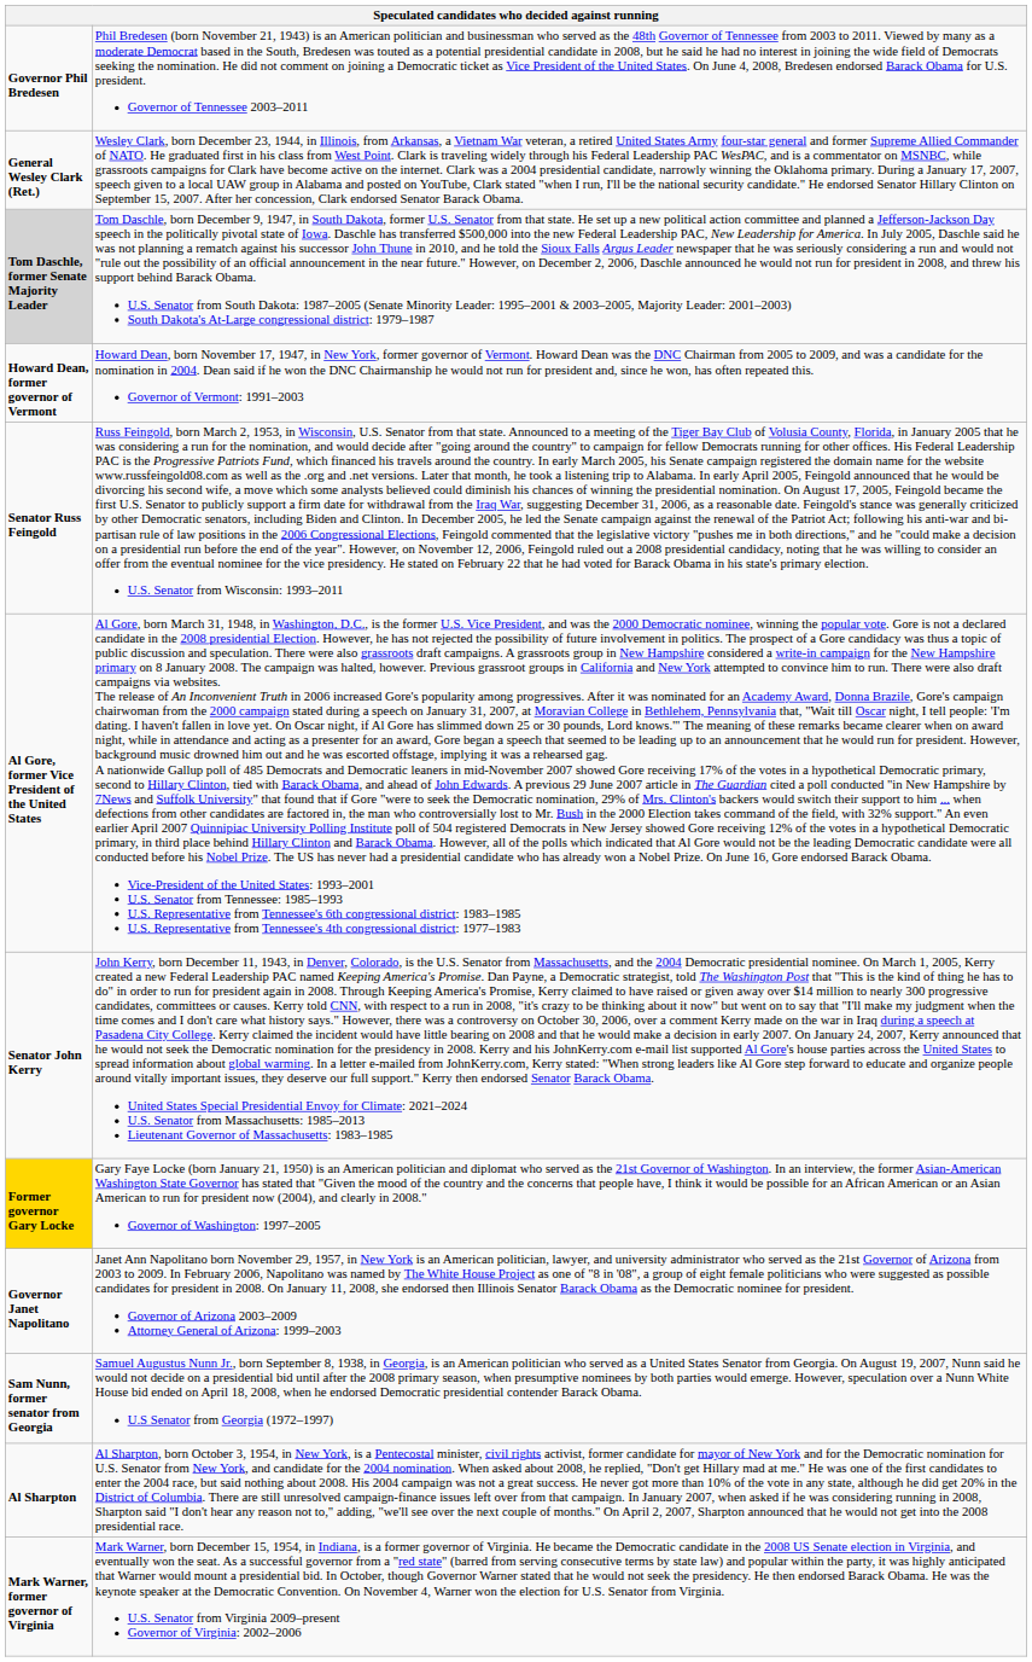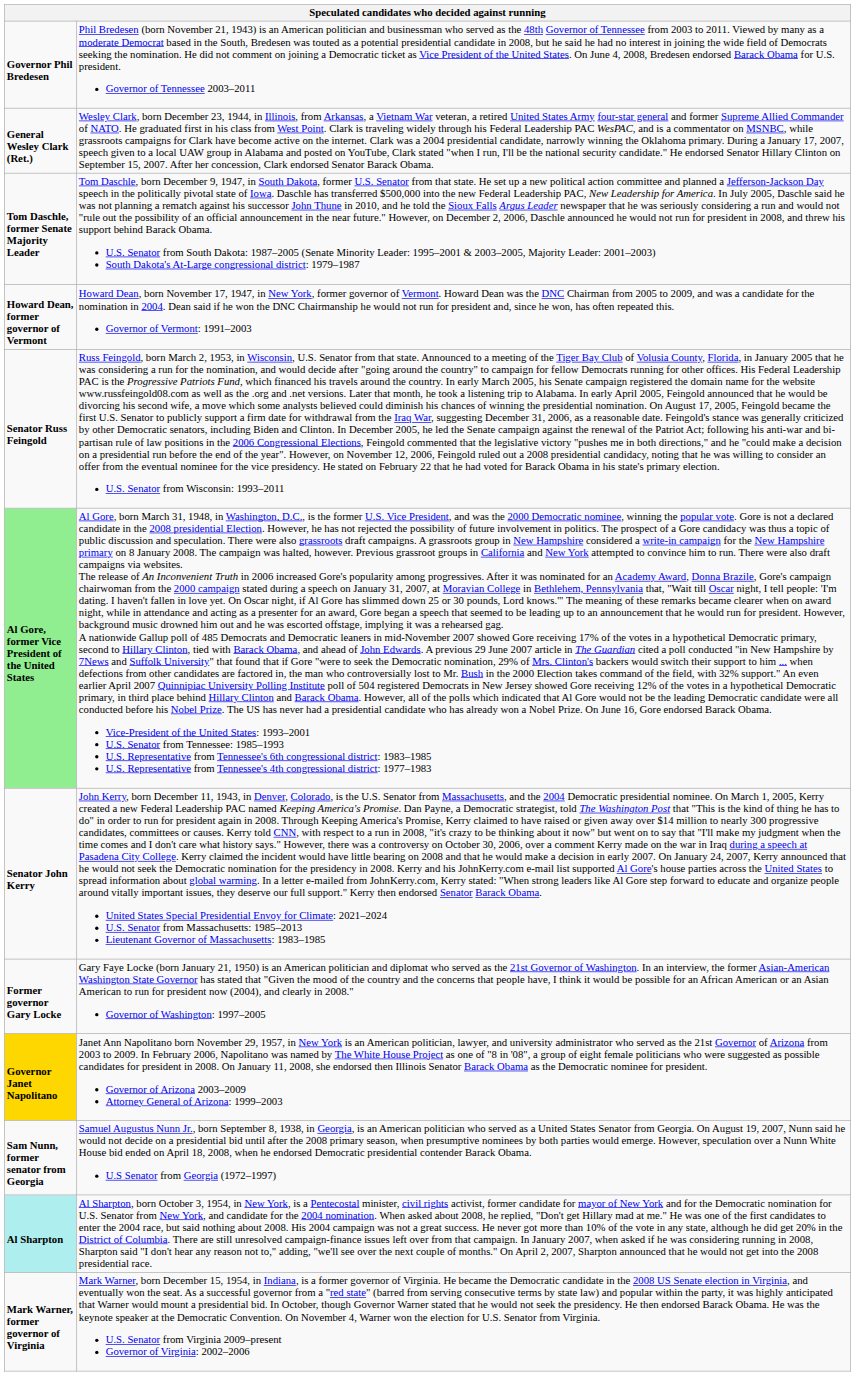 <table class="wikitable" style="margin:auto; width:100%;">
 <tr>
 <th colspan=2>Speculated candidates who decided against running</th>
 </tr>
 <tr>
 <td><br><strong>Governor Phil Bredesen</strong></td>
 <td><a href='#'>Phil Bredesen</a> (born November 21, 1943) is an American politician and businessman who served as the <a href='#'>48th</a> <a href='#'>Governor of Tennessee</a> from 2003 to 2011. Viewed by many as a <a href='#'>moderate Democrat</a> based in the South, Bredesen was touted as a potential presidential candidate in 2008, but he said he had no interest in joining the wide field of Democrats seeking the nomination. He did not comment on joining a Democratic ticket as <a href='#'>Vice President of the United States</a>. On June 4, 2008, Bredesen endorsed <a href='#'>Barack Obama</a> for U.S. president.<br><ul><li><a href='#'>Governor of Tennessee</a> 2003–2011</li></ul></td>
 </tr>
 <tr>
 <td><br><strong>General Wesley Clark (Ret.)</strong></td>
 <td><a href='#'>Wesley Clark</a>, born December 23, 1944, in <a href='#'>Illinois</a>, from <a href='#'>Arkansas</a>, a <a href='#'>Vietnam War</a> veteran, a retired <a href='#'>United States Army</a> <a href='#'>four-star general</a> and former <a href='#'>Supreme Allied Commander</a> of <a href='#'>NATO</a>. He graduated first in his class from <a href='#'>West Point</a>. Clark is traveling widely through his Federal Leadership PAC <em>WesPAC</em>, and is a commentator on <a href='#'>MSNBC</a>, while grassroots campaigns for Clark have become active on the internet. Clark was a 2004 presidential candidate, narrowly winning the Oklahoma primary. During a January 17, 2007, speech given to a local UAW group in Alabama and posted on YouTube, Clark stated "when I run, I'll be the national security candidate." He endorsed Senator Hillary Clinton on September 15, 2007. After her concession, Clark endorsed Senator Barack Obama.</td>
 </tr>
 <tr>
-<td style="background: lightgrey;"><br><strong>Tom Daschle, former Senate Majority Leader</strong></td>
+<td><br><strong>Tom Daschle, former Senate Majority Leader</strong></td>
 <td><a href='#'>Tom Daschle</a>, born December 9, 1947, in <a href='#'>South Dakota</a>, former <a href='#'>U.S. Senator</a> from that state. He set up a new political action committee and planned a <a href='#'>Jefferson-Jackson Day</a> speech in the politically pivotal state of <a href='#'>Iowa</a>. Daschle has transferred $500,000 into the new Federal Leadership PAC, <em>New Leadership for America</em>. In July 2005, Daschle said he was not planning a rematch against his successor <a href='#'>John Thune</a> in 2010, and he told the <a href='#'>Sioux Falls</a> <em><a href='#'>Argus Leader</a></em> newspaper that he was seriously considering a run and would not "rule out the possibility of an official announcement in the near future." However, on December 2, 2006, Daschle announced he would not run for president in 2008, and threw his support behind Barack Obama.<br><ul><li><a href='#'>U.S. Senator</a> from South Dakota: 1987–2005 (Senate Minority Leader: 1995–2001 & 2003–2005, Majority Leader: 2001–2003)</li><li><a href='#'>South Dakota's At-Large congressional district</a>: 1979–1987</li></ul></td>
 </tr>
 <tr>
 <td><br><strong>Howard Dean, former governor of Vermont</strong></td>
 <td><a href='#'>Howard Dean</a>, born November 17, 1947, in <a href='#'>New York</a>, former governor of <a href='#'>Vermont</a>. Howard Dean was the <a href='#'>DNC</a> Chairman from 2005 to 2009, and was a candidate for the nomination in <a href='#'>2004</a>. Dean said if he won the DNC Chairmanship he would not run for president and, since he won, has often repeated this.<br><ul><li><a href='#'>Governor of Vermont</a>: 1991–2003</li></ul></td>
 </tr>
 <tr>
 <td><br><strong>Senator Russ Feingold</strong></td>
 <td><a href='#'>Russ Feingold</a>, born March 2, 1953, in <a href='#'>Wisconsin</a>, U.S. Senator from that state. Announced to a meeting of the <a href='#'>Tiger Bay Club</a> of <a href='#'>Volusia County</a>, <a href='#'>Florida</a>, in January 2005 that he was considering a run for the nomination, and would decide after "going around the country" to campaign for fellow Democrats running for other offices. His Federal Leadership PAC is the <em>Progressive Patriots Fund</em>, which financed his travels around the country. In early March 2005, his Senate campaign registered the domain name for the website www.russfeingold08.com as well as the .org and .net versions. Later that month, he took a listening trip to Alabama. In early April 2005, Feingold announced that he would be divorcing his second wife, a move which some analysts believed could diminish his chances of winning the presidential nomination. On August 17, 2005, Feingold became the first U.S. Senator to publicly support a firm date for withdrawal from the <a href='#'>Iraq War</a>, suggesting December 31, 2006, as a reasonable date. Feingold's stance was generally criticized by other Democratic senators, including Biden and Clinton. In December 2005, he led the Senate campaign against the renewal of the Patriot Act; following his anti-war and bi-partisan rule of law positions in the <a href='#'>2006 Congressional Elections</a>, Feingold commented that the legislative victory "pushes me in both directions," and he "could make a decision on a presidential run before the end of the year". However, on November 12, 2006, Feingold ruled out a 2008 presidential candidacy, noting that he was willing to consider an offer from the eventual nominee for the vice presidency. He stated on February 22 that he had voted for Barack Obama in his state's primary election.<br><ul><li><a href='#'>U.S. Senator</a> from Wisconsin: 1993–2011</li></ul></td>
 </tr>
 <tr>
-<td><br><strong>Al Gore, former Vice President of the United States</strong></td>
+<td style="background: lightgreen;"><br><strong>Al Gore, former Vice President of the United States</strong></td>
 <td><a href='#'>Al Gore</a>, born March 31, 1948, in <a href='#'>Washington, D.C.</a>, is the former <a href='#'>U.S. Vice President</a>, and was the <a href='#'>2000 Democratic nominee</a>, winning the <a href='#'>popular vote</a>. Gore is not a declared candidate in the <a href='#'>2008 presidential Election</a>. However, he has not rejected the possibility of future involvement in politics. The prospect of a Gore candidacy was thus a topic of public discussion and speculation. There were also <a href='#'>grassroots</a> draft campaigns. A grassroots group in <a href='#'>New Hampshire</a> considered a <a href='#'>write-in campaign</a> for the <a href='#'>New Hampshire primary</a> on 8 January 2008. The campaign was halted, however. Previous grassroot groups in <a href='#'>California</a> and <a href='#'>New York</a> attempted to convince him to run. There were also draft campaigns via websites.<br>The release of <em>An Inconvenient Truth</em> in 2006 increased Gore's popularity among progressives. After it was nominated for an <a href='#'>Academy Award</a>, <a href='#'>Donna Brazile</a>, Gore's campaign chairwoman from the <a href='#'>2000 campaign</a> stated during a speech on January 31, 2007, at <a href='#'>Moravian College</a> in <a href='#'>Bethlehem, Pennsylvania</a> that, "Wait till <a href='#'>Oscar</a> night, I tell people: 'I'm dating. I haven't fallen in love yet. On Oscar night, if Al Gore has slimmed down 25 or 30 pounds, Lord knows.'" The meaning of these remarks became clearer when on award night, while in attendance and acting as a presenter for an award, Gore began a speech that seemed to be leading up to an announcement that he would run for president. However, background music drowned him out and he was escorted offstage, implying it was a rehearsed gag.<br>A nationwide Gallup poll of 485 Democrats and Democratic leaners in mid-November 2007 showed Gore receiving 17% of the votes in a hypothetical Democratic primary, second to <a href='#'>Hillary Clinton</a>, tied with <a href='#'>Barack Obama</a>, and ahead of <a href='#'>John Edwards</a>. A previous 29 June 2007 article in <em><a href='#'>The Guardian</a></em> cited a poll conducted "in New Hampshire by <a href='#'>7News</a> and <a href='#'>Suffolk University</a>" that found that if Gore "were to seek the Democratic nomination, 29% of <a href='#'>Mrs. Clinton's</a> backers would switch their support to him <a href='#'>...</a> when defections from other candidates are factored in, the man who controversially lost to Mr. <a href='#'>Bush</a> in the 2000 Election takes command of the field, with 32% support." An even earlier April 2007 <a href='#'>Quinnipiac University Polling Institute</a> poll of 504 registered Democrats in New Jersey showed Gore receiving 12% of the votes in a hypothetical Democratic primary, in third place behind <a href='#'>Hillary Clinton</a> and <a href='#'>Barack Obama</a>. However, all of the polls which indicated that Al Gore would not be the leading Democratic candidate were all conducted before his <a href='#'>Nobel Prize</a>. The US has never had a presidential candidate who has already won a Nobel Prize. On June 16, Gore endorsed Barack Obama.<ul><li><a href='#'>Vice-President of the United States</a>: 1993–2001</li><li><a href='#'>U.S. Senator</a> from Tennessee: 1985–1993</li><li><a href='#'>U.S. Representative</a> from <a href='#'>Tennessee's 6th congressional district</a>: 1983–1985</li><li><a href='#'>U.S. Representative</a> from <a href='#'>Tennessee's 4th congressional district</a>: 1977–1983</li></ul></td>
 </tr>
 <tr>
 <td><br><strong>Senator John Kerry</strong></td>
 <td><a href='#'>John Kerry</a>, born December 11, 1943, in <a href='#'>Denver</a>, <a href='#'>Colorado</a>, is the U.S. Senator from <a href='#'>Massachusetts</a>, and the <a href='#'>2004</a> Democratic presidential nominee. On March 1, 2005, Kerry created a new Federal Leadership PAC named <em>Keeping America's Promise</em>. Dan Payne, a Democratic strategist, told <em><a href='#'>The Washington Post</a></em> that "This is the kind of thing he has to do" in order to run for president again in 2008. Through Keeping America's Promise, Kerry claimed to have raised or given away over $14 million to nearly 300 progressive candidates, committees or causes. Kerry told <a href='#'>CNN</a>, with respect to a run in 2008, "it's crazy to be thinking about it now" but went on to say that "I'll make my judgment when the time comes and I don't care what history says." However, there was a controversy on October 30, 2006, over a comment Kerry made on the war in Iraq <a href='#'>during a speech at Pasadena City College</a>. Kerry claimed the incident would have little bearing on 2008 and that he would make a decision in early 2007. On January 24, 2007, Kerry announced that he would not seek the Democratic nomination for the presidency in 2008. Kerry and his JohnKerry.com e-mail list supported <a href='#'>Al Gore</a>'s house parties across the <a href='#'>United States</a> to spread information about <a href='#'>global warming</a>. In a letter e-mailed from JohnKerry.com, Kerry stated: "When strong leaders like Al Gore step forward to educate and organize people around vitally important issues, they deserve our full support." Kerry then endorsed <a href='#'>Senator</a> <a href='#'>Barack Obama</a>.<br><ul><li><a href='#'>United States Special Presidential Envoy for Climate</a>: 2021–2024</li><li><a href='#'>U.S. Senator</a> from Massachusetts: 1985–2013</li><li><a href='#'>Lieutenant Governor of Massachusetts</a>: 1983–1985</li></ul></td>
 </tr>
 <tr>
-<td style="background: gold;"><br><strong>Former governor Gary Locke</strong></td>
+<td><br><strong>Former governor Gary Locke</strong></td>
 <td>Gary Faye Locke (born January 21, 1950) is an American politician and diplomat who served as the <a href='#'>21st Governor of Washington</a>. In an interview, the former <a href='#'>Asian-American</a> <a href='#'>Washington State Governor</a> has stated that "Given the mood of the country and the concerns that people have, I think it would be possible for an African American or an Asian American to run for president now (2004), and clearly in 2008."  <br><ul><li><a href='#'>Governor of Washington</a>: 1997–2005</li></ul></td>
 </tr>
 <tr>
-<td><br><strong>Governor Janet Napolitano</strong></td>
+<td style="background: gold;"><br><strong>Governor Janet Napolitano</strong></td>
 <td>Janet Ann Napolitano born November 29, 1957, in <a href='#'>New York</a> is an American politician, lawyer, and university administrator who served as the 21st <a href='#'>Governor</a> of <a href='#'>Arizona</a> from 2003 to 2009. In February 2006, Napolitano was named by <a href='#'>The White House Project</a> as one of "8 in '08", a group of eight female politicians who were suggested as possible candidates for president in 2008. On January 11, 2008, she endorsed then Illinois Senator <a href='#'>Barack Obama</a> as the Democratic nominee for president.<br><ul><li><a href='#'>Governor of Arizona</a> 2003–2009</li><li><a href='#'>Attorney General of Arizona</a>: 1999–2003</li></ul></td>
 </tr>
 <tr>
 <td><br><strong>Sam Nunn, former senator from Georgia</strong></td>
 <td><a href='#'>Samuel Augustus Nunn Jr.</a>, born September 8, 1938, in <a href='#'>Georgia</a>, is an American politician who served as a United States Senator from Georgia. On August 19, 2007, Nunn said he would not decide on a presidential bid until after the 2008 primary season, when presumptive nominees by both parties would emerge. However, speculation over a Nunn White House bid ended on April 18, 2008, when he endorsed Democratic presidential contender Barack Obama.<br><ul><li><a href='#'>U.S Senator</a> from <a href='#'>Georgia</a> (1972–1997)</li></ul></td>
 </tr>
 <tr>
-<td><br><strong>Al Sharpton</strong></td>
+<td style="background: paleturquoise;"><br><strong>Al Sharpton</strong></td>
 <td><a href='#'>Al Sharpton</a>, born October 3, 1954, in <a href='#'>New York</a>, is a <a href='#'>Pentecostal</a> minister, <a href='#'>civil rights</a> activist, former candidate for <a href='#'>mayor of New York</a> and for the Democratic nomination for U.S. Senator from <a href='#'>New York</a>, and candidate for the <a href='#'>2004 nomination</a>. When asked about 2008, he replied, "Don't get Hillary mad at me." He was one of the first candidates to enter the 2004 race, but said nothing about 2008. His 2004 campaign was not a great success. He never got more than 10% of the vote in any state, although he did get 20% in the <a href='#'>District of Columbia</a>. There are still unresolved campaign-finance issues left over from that campaign. In January 2007, when asked if he was considering running in 2008, Sharpton said "I don't hear any reason not to," adding, "we'll see over the next couple of months." On April 2, 2007, Sharpton announced that he would not get into the 2008 presidential race.</td>
 </tr>
 <tr>
 <td><br><strong>Mark Warner, former governor of Virginia</strong></td>
 <td><a href='#'>Mark Warner</a>, born December 15, 1954, in <a href='#'>Indiana</a>, is a former governor of Virginia. He became the Democratic candidate in the <a href='#'>2008 US Senate election in Virginia</a>, and eventually won the seat. As a successful governor from a "<a href='#'>red state</a>" (barred from serving consecutive terms by state law) and popular within the party, it was highly anticipated that Warner would mount a presidential bid. In October, though Governor Warner stated that he would not seek the presidency. He then endorsed Barack Obama. He was the keynote speaker at the Democratic Convention. On November 4, Warner won the election for U.S. Senator from Virginia.<br><ul><li><a href='#'>U.S. Senator</a> from Virginia 2009–present</li><li><a href='#'>Governor of Virginia</a>: 2002–2006</li></ul></td>
 </tr>
 </table>
